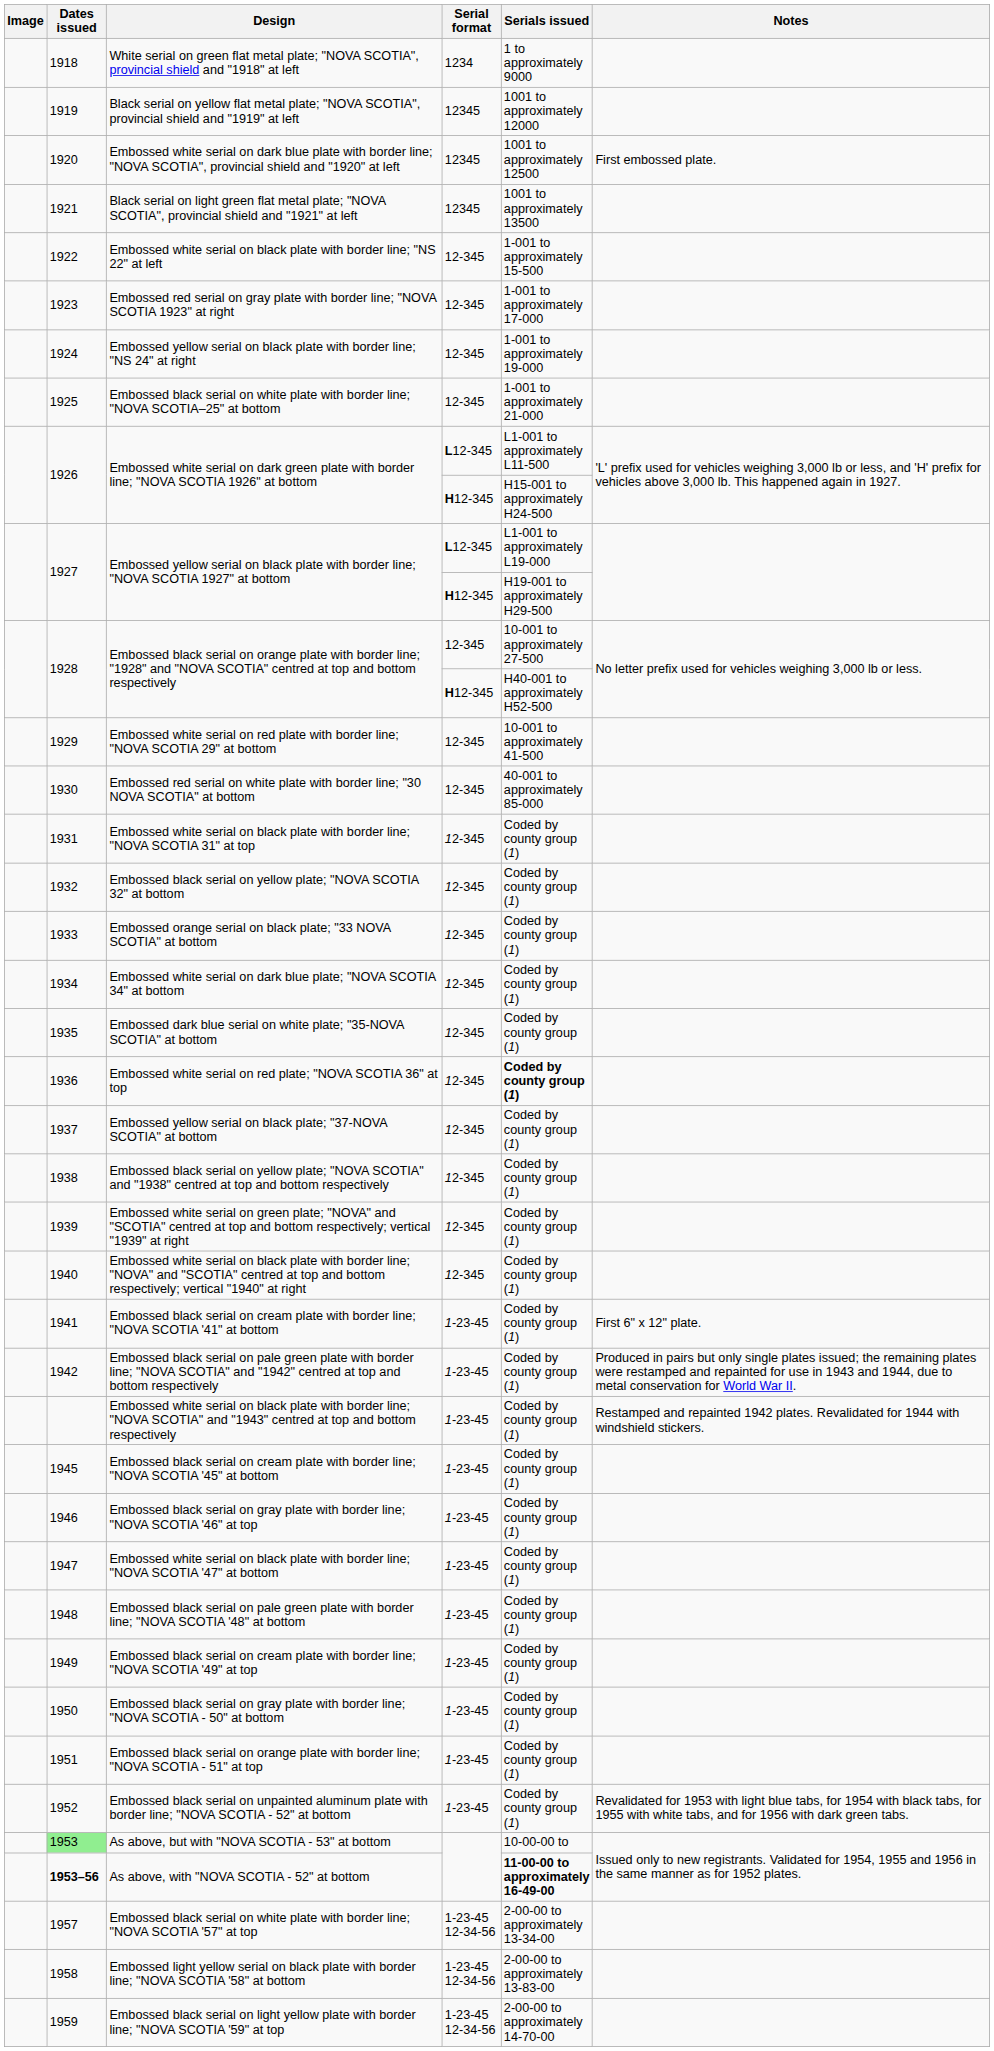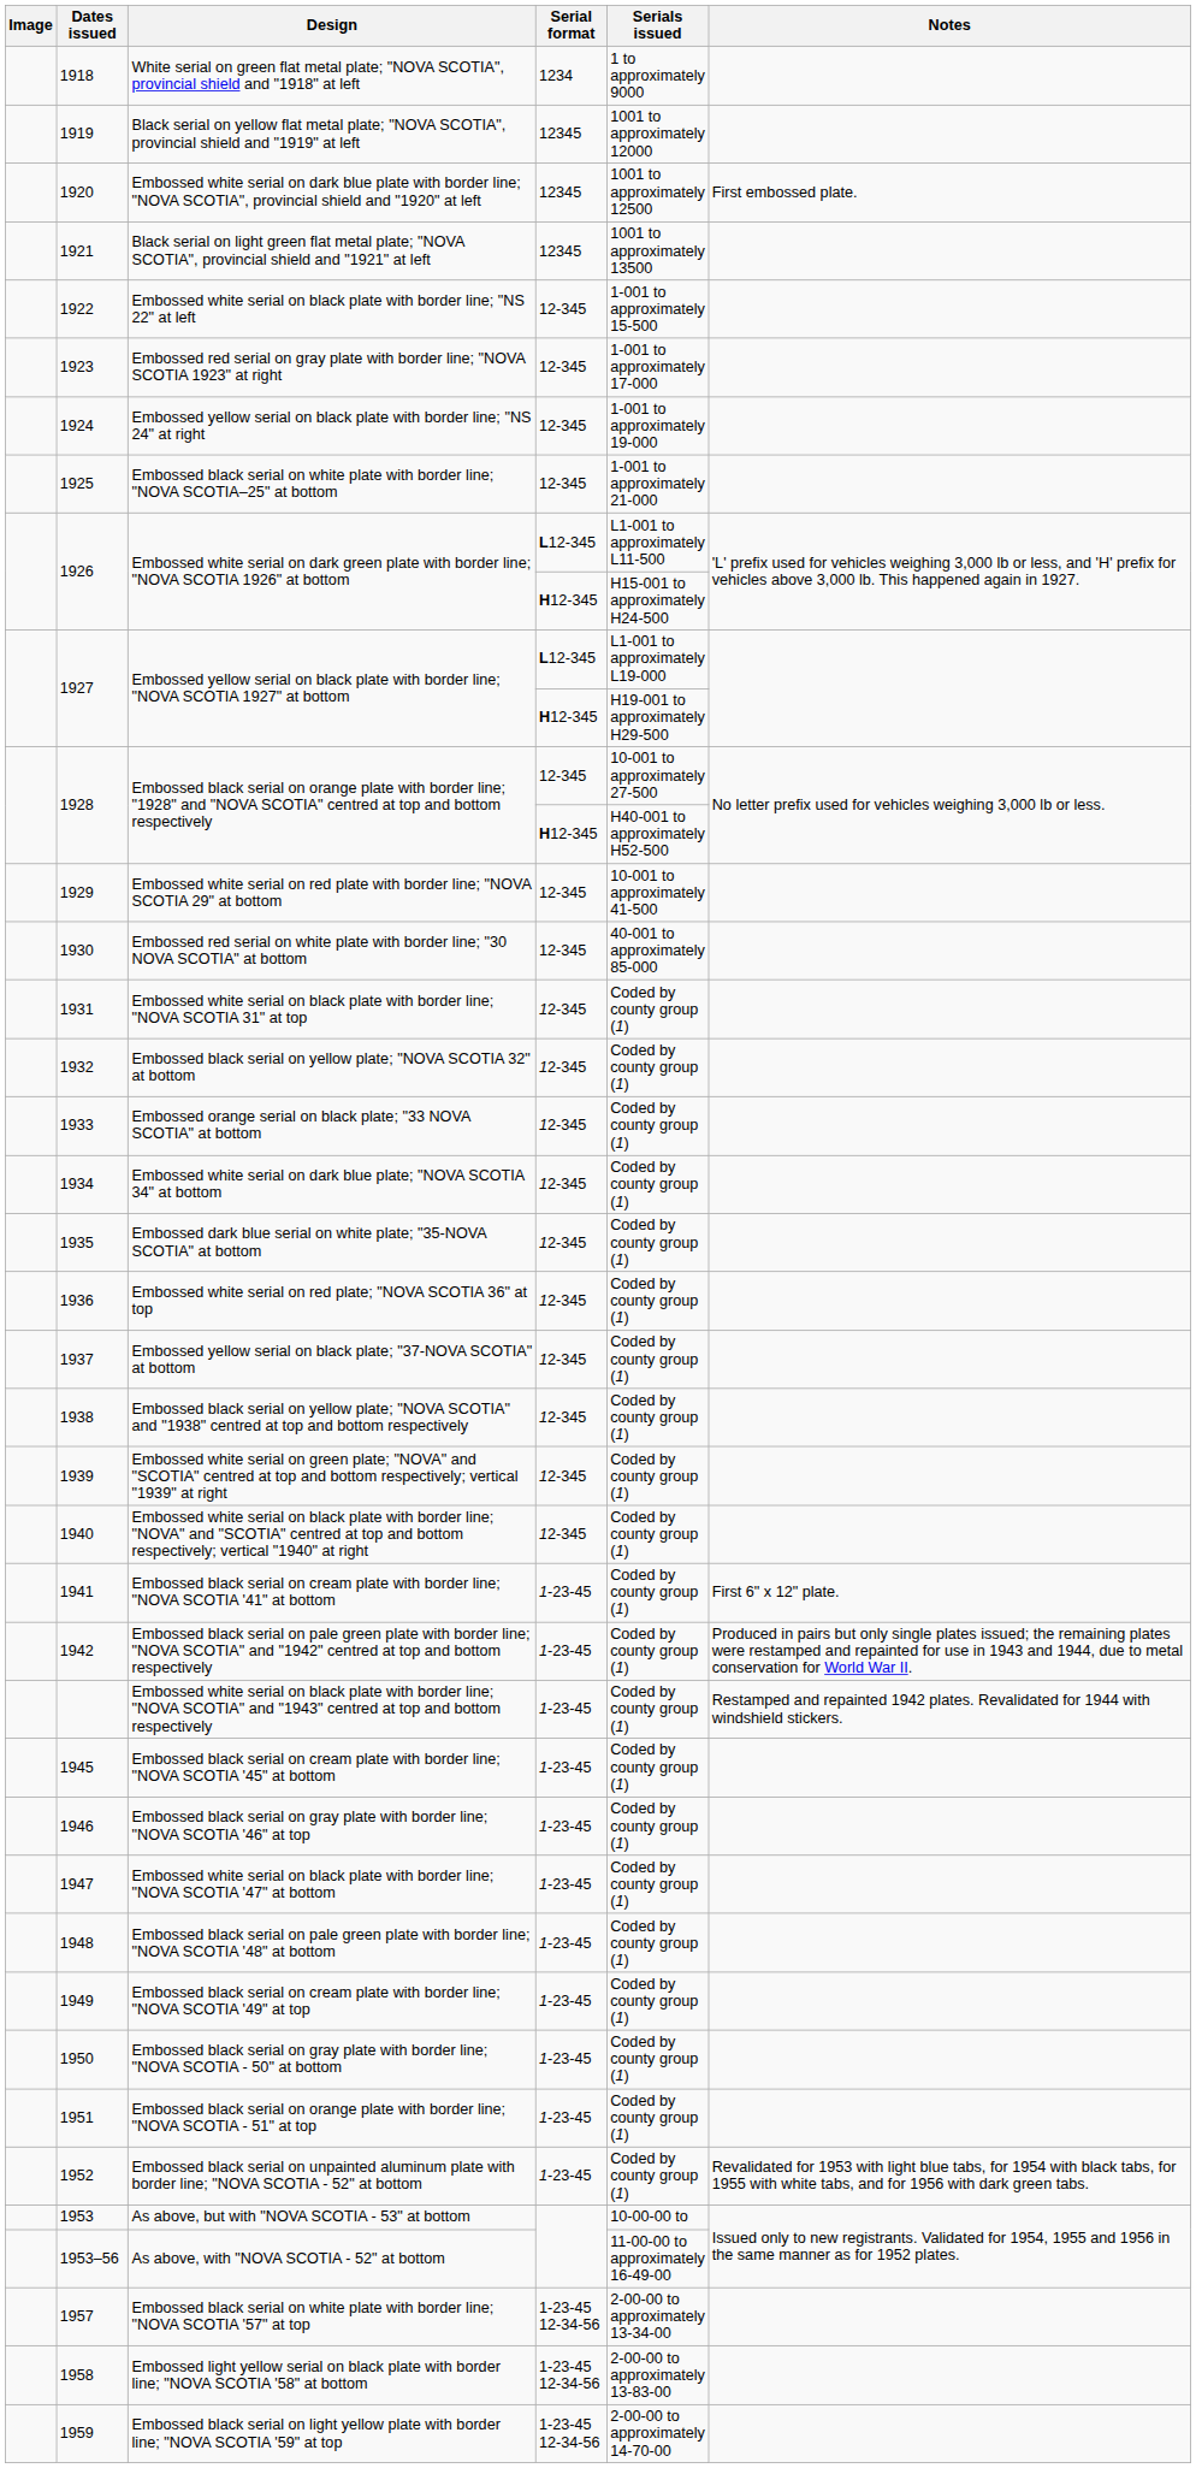 <table class="wikitable">
 <tr>
 <th>Image</th>
 <th>Dates issued</th>
 <th>Design</th>
 <th>Serial format</th>
 <th style="width:95px;">Serials issued</th>
 <th>Notes</th>
 </tr>
 <tr>
 <td></td>
 <td>1918</td>
 <td>White serial on green flat metal plate; "NOVA SCOTIA", <a href='#'>provincial shield</a> and "1918" at left</td>
 <td>1234</td>
 <td>1 to approximately 9000</td>
 <td></td>
 </tr>
 <tr>
 <td></td>
 <td>1919</td>
 <td>Black serial on yellow flat metal plate; "NOVA SCOTIA", provincial shield and "1919" at left</td>
 <td>12345</td>
 <td>1001 to approximately 12000</td>
 <td></td>
 </tr>
 <tr>
 <td></td>
 <td>1920</td>
 <td>Embossed white serial on dark blue plate with border line; "NOVA SCOTIA", provincial shield and "1920" at left</td>
 <td>12345</td>
 <td>1001 to approximately 12500</td>
 <td>First embossed plate.</td>
 </tr>
 <tr>
 <td></td>
 <td>1921</td>
 <td>Black serial on light green flat metal plate; "NOVA SCOTIA", provincial shield and "1921" at left</td>
 <td>12345</td>
 <td>1001 to approximately 13500</td>
 <td></td>
 </tr>
 <tr>
 <td></td>
 <td>1922</td>
 <td>Embossed white serial on black plate with border line; "NS 22" at left</td>
 <td>12-345</td>
 <td>1-001 to approximately 15-500</td>
 <td></td>
 </tr>
 <tr>
 <td></td>
 <td>1923</td>
 <td>Embossed red serial on gray plate with border line; "NOVA SCOTIA 1923" at right</td>
 <td>12-345</td>
 <td>1-001 to approximately 17-000</td>
 <td></td>
 </tr>
 <tr>
 <td></td>
 <td>1924</td>
 <td>Embossed yellow serial on black plate with border line; "NS 24" at right</td>
 <td>12-345</td>
 <td>1-001 to approximately 19-000</td>
 <td></td>
 </tr>
 <tr>
 <td></td>
 <td>1925</td>
 <td>Embossed black serial on white plate with border line; "NOVA SCOTIA–25" at bottom</td>
 <td>12-345</td>
 <td>1-001 to approximately 21-000</td>
 <td></td>
 </tr>
 <tr>
 <td rowspan="2"></td>
 <td rowspan="2">1926</td>
 <td rowspan="2">Embossed white serial on dark green plate with border line; "NOVA SCOTIA 1926" at bottom</td>
 <td><strong>L</strong>12-345</td>
 <td>L1-001 to approximately L11-500</td>
 <td rowspan="2">'L' prefix used for vehicles weighing 3,000 lb or less, and 'H' prefix for vehicles above 3,000 lb. This happened again in 1927.</td>
 </tr>
 <tr>
 <td><strong>H</strong>12-345</td>
 <td>H15-001 to approximately H24-500</td>
 </tr>
 <tr>
 <td rowspan="2"></td>
 <td rowspan="2">1927</td>
 <td rowspan="2">Embossed yellow serial on black plate with border line; "NOVA SCOTIA 1927" at bottom</td>
 <td><strong>L</strong>12-345</td>
 <td>L1-001 to approximately L19-000</td>
 <td rowspan="2"></td>
 </tr>
 <tr>
 <td><strong>H</strong>12-345</td>
 <td>H19-001 to approximately H29-500</td>
 </tr>
 <tr>
 <td rowspan="2"></td>
 <td rowspan="2">1928</td>
 <td rowspan="2">Embossed black serial on orange plate with border line; "1928" and "NOVA SCOTIA" centred at top and bottom respectively</td>
 <td>12-345</td>
 <td>10-001 to approximately 27-500</td>
 <td rowspan="2">No letter prefix used for vehicles weighing 3,000 lb or less.</td>
 </tr>
 <tr>
 <td><strong>H</strong>12-345</td>
 <td>H40-001 to approximately H52-500</td>
 </tr>
 <tr>
 <td></td>
 <td>1929</td>
 <td>Embossed white serial on red plate with border line; "NOVA SCOTIA 29" at bottom</td>
 <td>12-345</td>
 <td>10-001 to approximately 41-500</td>
 <td></td>
 </tr>
 <tr>
 <td></td>
 <td>1930</td>
 <td>Embossed red serial on white plate with border line; "30 NOVA SCOTIA" at bottom</td>
 <td>12-345</td>
 <td>40-001 to approximately 85-000</td>
 <td></td>
 </tr>
 <tr>
 <td></td>
 <td>1931</td>
 <td>Embossed white serial on black plate with border line; "NOVA SCOTIA 31" at top</td>
 <td><em>1</em>2-345</td>
 <td>Coded by county group (<em>1</em>)</td>
 <td></td>
 </tr>
 <tr>
 <td></td>
 <td>1932</td>
 <td>Embossed black serial on yellow plate; "NOVA SCOTIA 32" at bottom</td>
 <td><em>1</em>2-345</td>
 <td>Coded by county group (<em>1</em>)</td>
 <td></td>
 </tr>
 <tr>
 <td></td>
 <td>1933</td>
 <td>Embossed orange serial on black plate; "33 NOVA SCOTIA" at bottom</td>
 <td><em>1</em>2-345</td>
 <td>Coded by county group (<em>1</em>)</td>
 <td></td>
 </tr>
 <tr>
 <td></td>
 <td>1934</td>
 <td>Embossed white serial on dark blue plate; "NOVA SCOTIA 34" at bottom</td>
 <td><em>1</em>2-345</td>
 <td>Coded by county group (<em>1</em>)</td>
 <td></td>
 </tr>
 <tr>
 <td></td>
 <td>1935</td>
 <td>Embossed dark blue serial on white plate; "35-NOVA SCOTIA" at bottom</td>
 <td><em>1</em>2-345</td>
 <td>Coded by county group (<em>1</em>)</td>
 <td></td>
 </tr>
 <tr>
 <td></td>
 <td>1936</td>
 <td>Embossed white serial on red plate; "NOVA SCOTIA 36" at top</td>
 <td><em>1</em>2-345</td>
-<td><strong>Coded by county group (<em>1</em>)</strong></td>
+<td>Coded by county group (<em>1</em>)</td>
 <td></td>
 </tr>
 <tr>
 <td></td>
 <td>1937</td>
 <td>Embossed yellow serial on black plate; "37-NOVA SCOTIA" at bottom</td>
 <td><em>1</em>2-345</td>
 <td>Coded by county group (<em>1</em>)</td>
 <td></td>
 </tr>
 <tr>
 <td></td>
 <td>1938</td>
 <td>Embossed black serial on yellow plate; "NOVA SCOTIA" and "1938" centred at top and bottom respectively</td>
 <td><em>1</em>2-345</td>
 <td>Coded by county group (<em>1</em>)</td>
 <td></td>
 </tr>
 <tr>
 <td></td>
 <td>1939</td>
 <td>Embossed white serial on green plate; "NOVA" and "SCOTIA" centred at top and bottom respectively; vertical "1939" at right</td>
 <td><em>1</em>2-345</td>
 <td>Coded by county group (<em>1</em>)</td>
 <td></td>
 </tr>
 <tr>
 <td></td>
 <td>1940</td>
 <td>Embossed white serial on black plate with border line; "NOVA" and "SCOTIA" centred at top and bottom respectively; vertical "1940" at right</td>
 <td><em>1</em>2-345</td>
 <td>Coded by county group (<em>1</em>)</td>
 <td></td>
 </tr>
 <tr>
 <td></td>
 <td>1941</td>
 <td>Embossed black serial on cream plate with border line; "NOVA SCOTIA '41" at bottom</td>
 <td><em>1</em>-23-45</td>
 <td>Coded by county group (<em>1</em>)</td>
 <td>First 6" x 12" plate.</td>
 </tr>
 <tr>
 <td></td>
 <td>1942</td>
 <td>Embossed black serial on pale green plate with border line; "NOVA SCOTIA" and "1942" centred at top and bottom respectively</td>
 <td><em>1</em>-23-45</td>
 <td>Coded by county group (<em>1</em>)</td>
 <td>Produced in pairs but only single plates issued; the remaining plates were restamped and repainted for use in 1943 and 1944, due to metal conservation for <a href='#'>World War II</a>.</td>
 </tr>
 <tr>
 <td></td>
 <td></td>
 <td>Embossed white serial on black plate with border line; "NOVA SCOTIA" and "1943" centred at top and bottom respectively</td>
 <td><em>1</em>-23-45</td>
 <td>Coded by county group (<em>1</em>)</td>
 <td>Restamped and repainted 1942 plates. Revalidated for 1944 with windshield stickers.</td>
 </tr>
 <tr>
 <td></td>
 <td>1945</td>
 <td>Embossed black serial on cream plate with border line; "NOVA SCOTIA '45" at bottom</td>
 <td><em>1</em>-23-45</td>
 <td>Coded by county group (<em>1</em>)</td>
 <td></td>
 </tr>
 <tr>
 <td></td>
 <td>1946</td>
 <td>Embossed black serial on gray plate with border line; "NOVA SCOTIA '46" at top</td>
 <td><em>1</em>-23-45</td>
 <td>Coded by county group (<em>1</em>)</td>
 <td></td>
 </tr>
 <tr>
 <td></td>
 <td>1947</td>
 <td>Embossed white serial on black plate with border line; "NOVA SCOTIA '47" at bottom</td>
 <td><em>1</em>-23-45</td>
 <td>Coded by county group (<em>1</em>)</td>
 <td></td>
 </tr>
 <tr>
 <td></td>
 <td>1948</td>
 <td>Embossed black serial on pale green plate with border line; "NOVA SCOTIA '48" at bottom</td>
 <td><em>1</em>-23-45</td>
 <td>Coded by county group (<em>1</em>)</td>
 <td></td>
 </tr>
 <tr>
 <td></td>
 <td>1949</td>
 <td>Embossed black serial on cream plate with border line; "NOVA SCOTIA '49" at top</td>
 <td><em>1</em>-23-45</td>
 <td>Coded by county group (<em>1</em>)</td>
 <td></td>
 </tr>
 <tr>
 <td></td>
 <td>1950</td>
 <td>Embossed black serial on gray plate with border line; "NOVA SCOTIA - 50" at bottom</td>
 <td><em>1</em>-23-45</td>
 <td>Coded by county group (<em>1</em>)</td>
 <td></td>
 </tr>
 <tr>
 <td></td>
 <td>1951</td>
 <td>Embossed black serial on orange plate with border line; "NOVA SCOTIA - 51" at top</td>
 <td><em>1</em>-23-45</td>
 <td>Coded by county group (<em>1</em>)</td>
 <td></td>
 </tr>
 <tr>
 <td></td>
 <td>1952</td>
 <td>Embossed black serial on unpainted aluminum plate with border line; "NOVA SCOTIA - 52" at bottom</td>
 <td><em>1</em>-23-45</td>
 <td>Coded by county group (<em>1</em>)</td>
 <td>Revalidated for 1953 with light blue tabs, for 1954 with black tabs, for 1955 with white tabs, and for 1956 with dark green tabs.</td>
 </tr>
 <tr>
 <td></td>
-<td style="background: lightgreen;">1953</td>
+<td>1953</td>
 <td>As above, but with "NOVA SCOTIA - 53" at bottom</td>
 <td rowspan="2"></td>
 <td>10-00-00 to </td>
 <td rowspan="2">Issued only to new registrants. Validated for 1954, 1955 and 1956 in the same manner as for 1952 plates.</td>
 </tr>
 <tr>
 <td></td>
-<td><strong>1953–56</strong></td>
+<td>1953–56</td>
 <td>As above, with "NOVA SCOTIA - 52" at bottom</td>
-<td><strong>11-00-00 to approximately 16-49-00</strong></td>
+<td>11-00-00 to approximately 16-49-00</td>
 </tr>
 <tr>
 <td></td>
 <td>1957</td>
 <td>Embossed black serial on white plate with border line; "NOVA SCOTIA '57" at top</td>
 <td>1-23-45<br>12-34-56</td>
 <td>2-00-00 to approximately 13-34-00</td>
 <td></td>
 </tr>
 <tr>
 <td></td>
 <td>1958</td>
 <td>Embossed light yellow serial on black plate with border line; "NOVA SCOTIA '58" at bottom</td>
 <td>1-23-45<br>12-34-56</td>
 <td>2-00-00 to approximately 13-83-00</td>
 <td></td>
 </tr>
 <tr>
 <td></td>
 <td>1959</td>
 <td>Embossed black serial on light yellow plate with border line; "NOVA SCOTIA '59" at top</td>
 <td>1-23-45<br>12-34-56</td>
 <td>2-00-00 to approximately 14-70-00</td>
 <td></td>
 </tr>
 </table>
